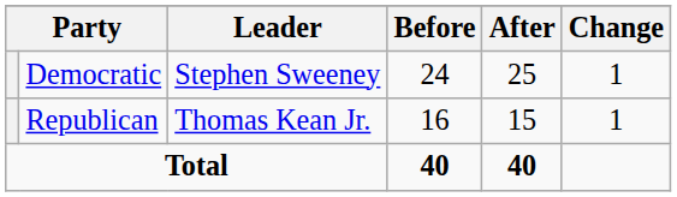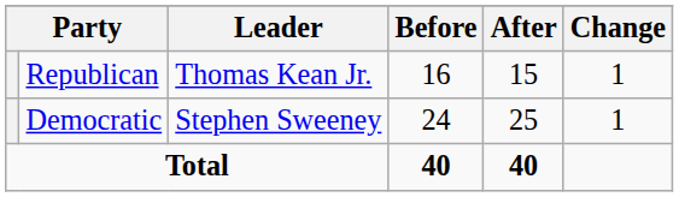 <table class="wikitable" style="text-align:center;">
 <tr>
 </tr>
 <tr>
 <th colspan=2>Party</th>
 <th>Leader</th>
 <th>Before</th>
 <th>After</th>
 <th>Change</th>
 </tr>
 <tr>
 <th style="background-color:"></th>
+<td style="text-align:left;"><a href='#'>Republican</a></td>
+<td style="text-align:left;"><a href='#'>Thomas Kean Jr.</a></td>
+<td>16</td>
+<td>15</td>
+<td> 1</td>
+</tr>
+<tr>
+<th style="background-color:"></th>
 <td style="text-align:left;"><a href='#'>Democratic</a></td>
 <td style="text-align:left;"><a href='#'>Stephen Sweeney</a></td>
 <td>24</td>
 <td>25</td>
-<td> 1</td>
-</tr>
-<tr>
-<th style="background-color:"></th>
-<td style="text-align:left;"><a href='#'>Republican</a></td>
-<td style="text-align:left;"><a href='#'>Thomas Kean Jr.</a></td>
-<td>16</td>
-<td>15</td>
 <td> 1</td>
 </tr>
 <tr>
 <td colspan=3><strong>Total</strong></td>
 <td><strong>40</strong></td>
 <td><strong>40</strong></td>
 </tr>
 </table>
